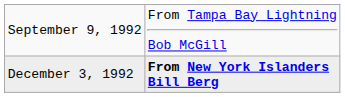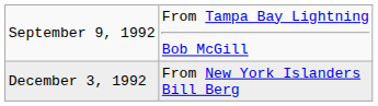 <table class="wikitable">
 <tr>
 <td>September 9, 1992</td>
 <td valign="top">From <a href='#'>Tampa Bay Lightning</a><hr><a href='#'>Bob McGill</a></td>
 </tr>
 <tr bgcolor="#eeeeee">
 <td>December 3, 1992</td>
-<td valign="top"><strong>From <a href='#'>New York Islanders</a> <br><a href='#'>Bill Berg</a></strong></td>
+<td valign="top">From <a href='#'>New York Islanders</a> <br><a href='#'>Bill Berg</a></td>
 </tr>
 </table>
